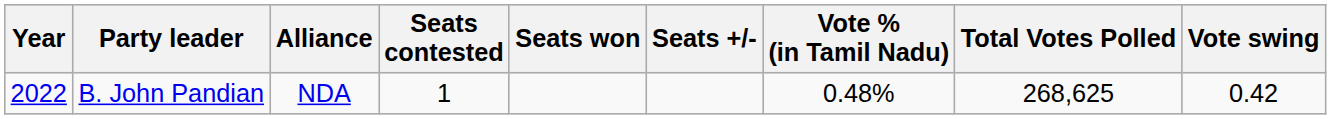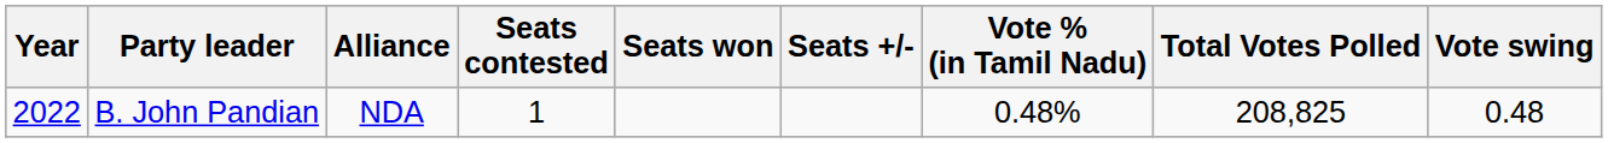 <table class="wikitable sortable">
 <tr>
 <th Style="background-color:">Year</th>
 <th Style="background-color:">Party leader</th>
 <th Style="background-color:">Alliance</th>
 <th Style="background-color:">Seats<br>contested</th>
 <th Style="background-color:">Seats won</th>
 <th Style="background-color:">Seats +/-</th>
 <th Style="background-color:">Vote %<br>(in Tamil Nadu)</th>
 <th Style="background-color:">Total Votes Polled</th>
 <th Style="background-color:">Vote swing</th>
 </tr>
 <tr style="text-align:center;">
 <td><a href='#'>2022</a></td>
 <td><a href='#'>B. John Pandian</a></td>
 <td><a href='#'>NDA</a></td>
 <td>1</td>
 <td></td>
 <td></td>
 <td>0.48%</td>
-<td>268,625</td>
-<td>0.42</td>
+<td>208,825</td>
+<td>0.48</td>
 </tr>
 </table>
